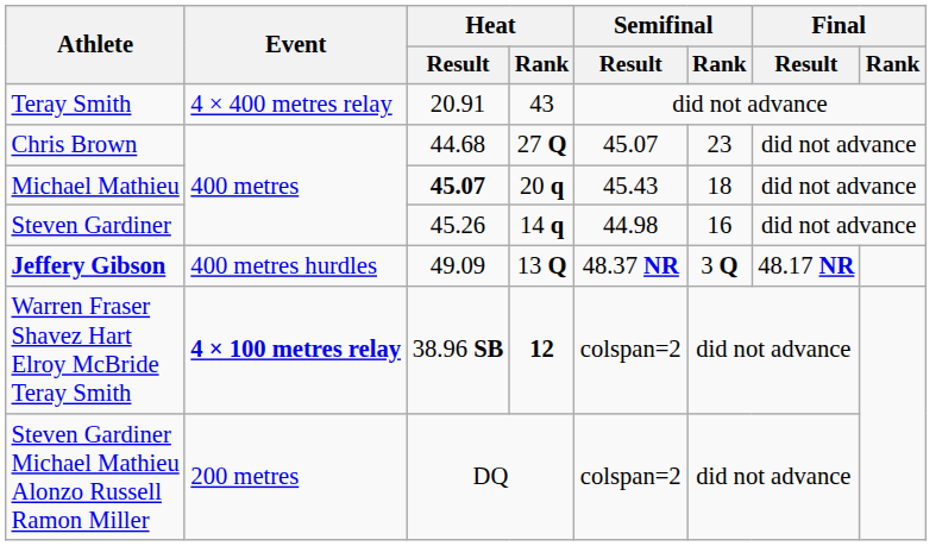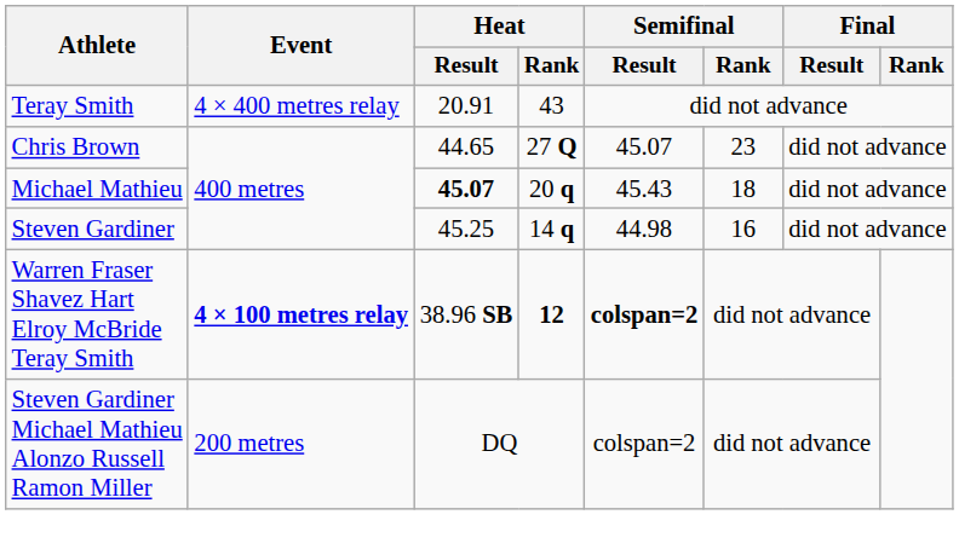 <table class="wikitable" style="font-size:90%">
 <tr>
 <th rowspan="2">Athlete</th>
 <th rowspan="2">Event</th>
 <th colspan="2">Heat</th>
 <th colspan="2">Semifinal</th>
 <th colspan="2">Final</th>
 </tr>
 <tr style="font-size:95%">
 <th>Result</th>
 <th>Rank</th>
 <th>Result</th>
 <th>Rank</th>
 <th>Result</th>
 <th>Rank</th>
 </tr>
 <tr style=text-align:center>
 <td style=text-align:left><a href='#'>Teray Smith</a></td>
 <td style=text-align:left><a href='#'>4 × 400 metres relay</a></td>
 <td>20.91</td>
 <td>43</td>
 <td colspan=4>did not advance</td>
 </tr>
 <tr style=text-align:center>
 <td style=text-align:left><a href='#'>Chris Brown</a></td>
 <td style=text-align:left rowspan=3><a href='#'>400 metres</a></td>
-<td>44.68</td>
+<td>44.65</td>
 <td>27 <strong>Q</strong></td>
 <td>45.07</td>
 <td>23</td>
 <td colspan=2>did not advance</td>
 </tr>
 <tr style=text-align:center>
 <td style=text-align:left><a href='#'>Michael Mathieu</a></td>
 <td><strong>45.07</strong></td>
 <td>20 <strong>q</strong></td>
 <td>45.43</td>
 <td>18</td>
 <td colspan=2>did not advance</td>
 </tr>
 <tr style=text-align:center>
 <td style=text-align:left><a href='#'>Steven Gardiner</a></td>
-<td>45.26</td>
+<td>45.25</td>
 <td>14 <strong>q</strong></td>
 <td>44.98</td>
 <td>16</td>
 <td colspan=2>did not advance</td>
 </tr>
 <tr style=text-align:center>
-<td style=text-align:left><strong><a href='#'>Jeffery Gibson</a></strong></td>
-<td style=text-align:left><a href='#'>400 metres hurdles</a></td>
-<td>49.09</td>
-<td>13 <strong>Q</strong></td>
-<td>48.37 	 <strong><a href='#'>NR</a></strong></td>
-<td>3 <strong>Q</strong></td>
-<td>48.17 <strong><a href='#'>NR</a></strong></td>
-<td></td>
-</tr>
-<tr style=text-align:center>
 <td style=text-align:left><a href='#'>Warren Fraser</a><br><a href='#'>Shavez Hart</a><br><a href='#'>Elroy McBride</a><br><a href='#'>Teray Smith</a></td>
 <td style=text-align:left><strong><a href='#'>4 × 100 metres relay</a></strong></td>
 <td>38.96 <strong>SB</strong></td>
 <td><strong>12</strong></td>
-<td>colspan=2 </td>
+<td><strong>colspan=2 </strong></td>
 <td colspan=2>did not advance</td>
 </tr>
 <tr style=text-align:center>
 <td style=text-align:left><a href='#'>Steven Gardiner</a><br><a href='#'>Michael Mathieu</a><br><a href='#'>Alonzo Russell</a><br><a href='#'>Ramon Miller</a></td>
 <td style=text-align:left><a href='#'>200 metres</a></td>
 <td colspan=2>DQ</td>
 <td>colspan=2 </td>
 <td colspan=2>did not advance</td>
 </tr>
 </table>
